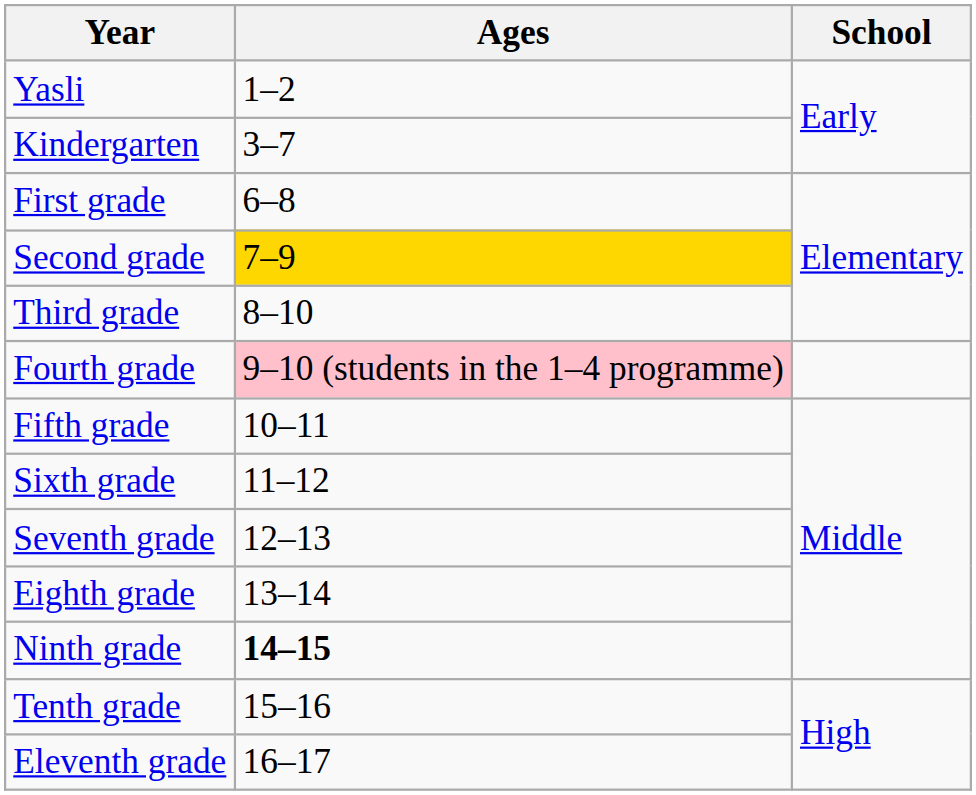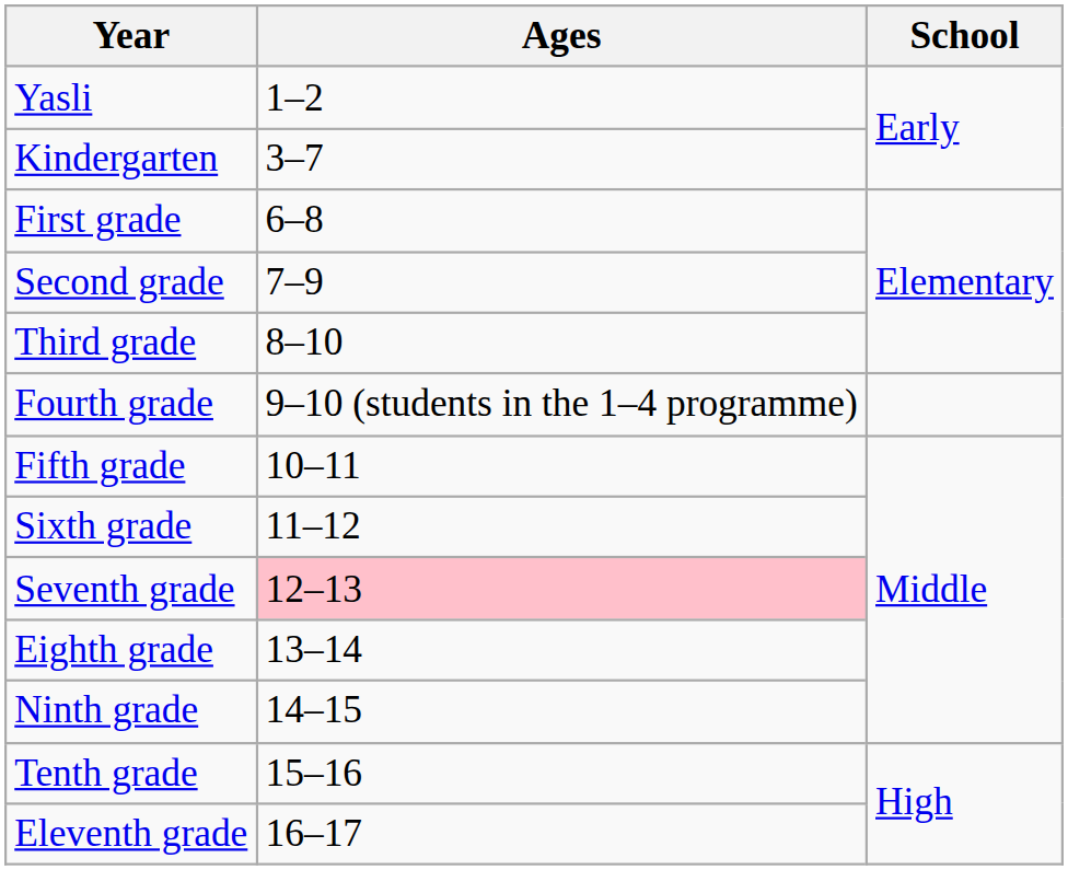 <table class="wikitable">
 <tr>
 <th>Year</th>
 <th>Ages</th>
 <th>School</th>
 </tr>
 <tr>
 <td><a href='#'>Yasli</a></td>
 <td>1–2</td>
 <td rowspan=2><a href='#'>Early</a></td>
 </tr>
 <tr>
 <td><a href='#'>Kindergarten</a></td>
 <td>3–7</td>
 </tr>
 <tr>
 <td><a href='#'>First grade</a></td>
 <td>6–8</td>
 <td rowspan=3><a href='#'>Elementary</a></td>
 </tr>
 <tr>
 <td><a href='#'>Second grade</a></td>
-<td style="background: gold;">7–9</td>
+<td>7–9</td>
 </tr>
 <tr>
 <td><a href='#'>Third grade</a></td>
 <td>8–10</td>
 </tr>
 <tr>
 <td><a href='#'>Fourth grade</a></td>
-<td style="background: pink;">9–10 (students in the 1–4 programme)</td>
+<td>9–10 (students in the 1–4 programme)</td>
 <td></td>
 </tr>
 <tr>
 <td><a href='#'>Fifth grade</a></td>
 <td>10–11</td>
 <td rowspan=5><a href='#'>Middle</a></td>
 </tr>
 <tr>
 <td><a href='#'>Sixth grade</a></td>
 <td>11–12</td>
 </tr>
 <tr>
 <td><a href='#'>Seventh grade</a></td>
-<td>12–13</td>
+<td style="background: pink;">12–13</td>
 </tr>
 <tr>
 <td><a href='#'>Eighth grade</a></td>
 <td>13–14</td>
 </tr>
 <tr>
 <td><a href='#'>Ninth grade</a></td>
-<td><strong>14–15</strong></td>
+<td>14–15</td>
 </tr>
 <tr>
 <td><a href='#'>Tenth grade</a></td>
 <td>15–16</td>
 <td rowspan=2><a href='#'>High</a></td>
 </tr>
 <tr>
 <td><a href='#'>Eleventh grade</a></td>
 <td>16–17</td>
 </tr>
 </table>
